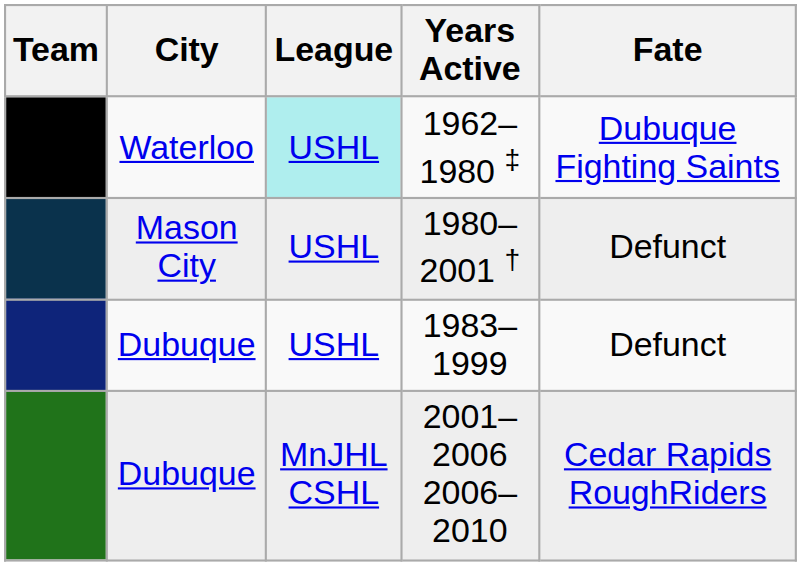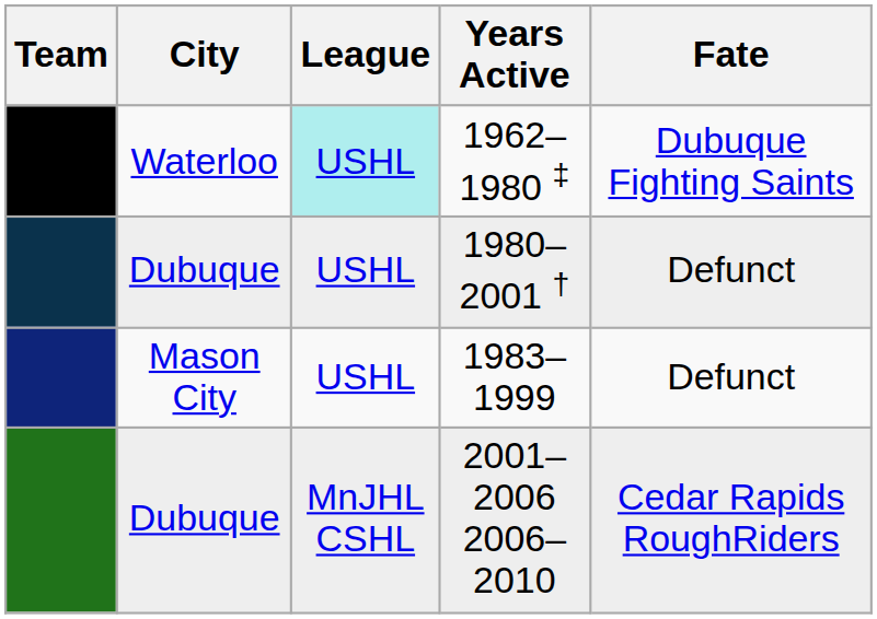 <table class="wikitable sortable" width="60%">
 <tr>
 <th>Team</th>
 <th>City</th>
 <th>League</th>
 <th>Years Active</th>
 <th>Fate</th>
 </tr>
 <tr align=center>
 <td style="color:white; background:#000000; "><strong><a href='#'></a></strong></td>
 <td><a href='#'>Waterloo</a></td>
 <td style="background: paleturquoise;"><a href='#'>USHL</a></td>
 <td>1962–1980 <sup>‡</sup></td>
 <td><a href='#'>Dubuque Fighting Saints</a></td>
 </tr>
 <tr align=center bgcolor=eeeeee>
 <td style="color:white; background:#0a324c; "><strong><a href='#'></a></strong></td>
-<td><a href='#'>Mason City</a></td>
+<td><a href='#'>Dubuque</a></td>
 <td><a href='#'>USHL</a></td>
 <td>1980–2001 <sup>†</sup></td>
 <td>Defunct</td>
 </tr>
 <tr align=center>
 <td style="color:white; background:#0e247a; "><strong><a href='#'></a></strong></td>
-<td><a href='#'>Dubuque</a></td>
+<td><a href='#'>Mason City</a></td>
 <td><a href='#'>USHL</a></td>
 <td>1983–1999</td>
 <td>Defunct</td>
 </tr>
 <tr align=center bgcolor=eeeeee>
 <td style="color:white; background:#20731a; "><strong><a href='#'></a></strong></td>
 <td><a href='#'>Dubuque</a></td>
 <td><a href='#'>MnJHL</a><br><a href='#'>CSHL</a></td>
 <td>2001–2006<br>2006–2010</td>
 <td><a href='#'>Cedar Rapids RoughRiders</a></td>
 </tr>
 </table>
